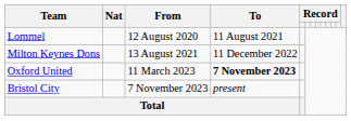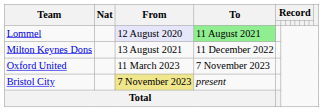 <table class="wikitable" style="text-align: center">
 <tr>
 <th rowspan="2">Team</th>
 <th rowspan="2">Nat</th>
 <th rowspan="2">From</th>
 <th rowspan="2">To</th>
 <th colspan="8">Record</th>
 <th rowspan=2></th>
 </tr>
 <tr>
 <th></th>
 <th></th>
 <th></th>
 <th></th>
 <th></th>
 <th></th>
 <th></th>
 <th></th>
 </tr>
 <tr>
 <td align="left"><a href='#'>Lommel</a></td>
 <td></td>
-<td align=left>12 August 2020</td>
-<td align=left>11 August 2021<br></td>
+<td align=left style="background: lavender;">12 August 2020</td>
+<td align=left style="background: lightgreen;">11 August 2021<br></td>
 <td></td>
 </tr>
 <tr>
 <td align="left"><a href='#'>Milton Keynes Dons</a></td>
 <td></td>
 <td align=left>13 August 2021</td>
 <td align=left>11 December 2022<br></td>
 <td></td>
 </tr>
 <tr>
 <td align="left"><a href='#'>Oxford United</a></td>
 <td></td>
 <td align=left>11 March 2023</td>
-<td align=left><strong>7 November 2023<br></strong></td>
+<td align=left>7 November 2023<br></td>
 <td></td>
 </tr>
 <tr>
 <td align="left"><a href='#'>Bristol City</a></td>
 <td></td>
-<td align=left>7 November 2023</td>
+<td align=left style="background: khaki;">7 November 2023</td>
 <td align=left><em>present</em><br></td>
 <td></td>
 </tr>
 <tr>
 <th colspan="4">Total<br></th>
 <th></th>
 </tr>
 </table>
